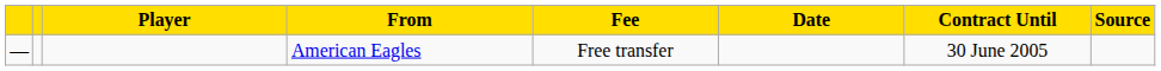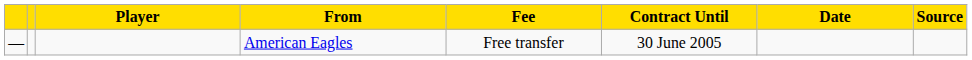 <table class="wikitable sortable">
 <tr>
 <th style="background:#FFDE00"></th>
 <th style="background:#FFDE00"></th>
 <th width=200 style="background:#FFDE00">Player</th>
 <th width=200 style="background:#FFDE00">From</th>
 <th width=150 style="background:#FFDE00">Fee</th>
+<th width=150 style="background:#FFDE00">Contract Until</th>
 <th width=150 style="background:#FFDE00">Date</th>
-<th width=150 style="background:#FFDE00">Contract Until</th>
 <th style="background:#FFDE00">Source</th>
 </tr>
 <tr>
 <td align=center>—</td>
 <td align=center></td>
 <td></td>
 <td> <a href='#'>American Eagles</a></td>
 <td align=center>Free transfer</td>
+<td align=center>30 June 2005</td>
 <td align=center></td>
-<td align=center>30 June 2005</td>
 <td align=center></td>
 </tr>
 </table>
